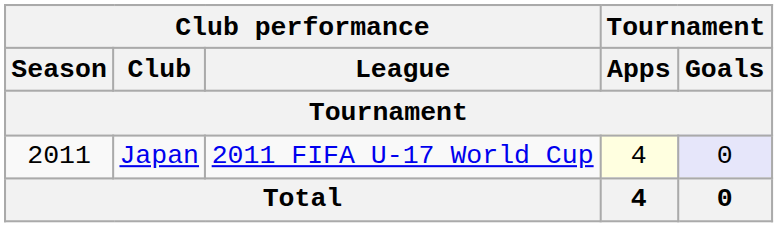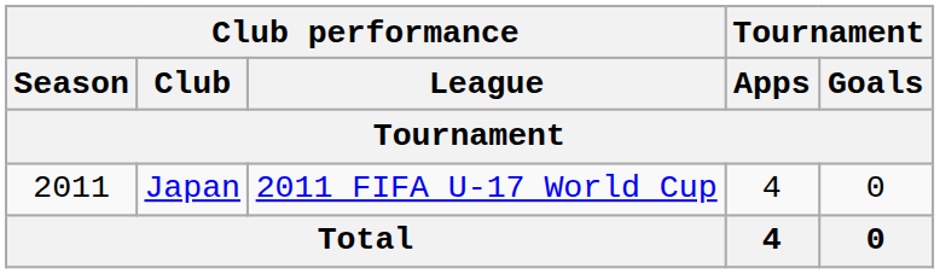 <table class="wikitable" style="text-align:center;">
 <tr>
 <th colspan=3>Club performance</th>
 <th colspan=2>Tournament</th>
 </tr>
 <tr>
 <th>Season</th>
 <th>Club</th>
 <th>League</th>
 <th>Apps</th>
 <th>Goals</th>
 </tr>
 <tr>
 <th colspan=6>Tournament</th>
 </tr>
 <tr>
 <td>2011</td>
 <td><a href='#'>Japan</a></td>
 <td><a href='#'>2011 FIFA U-17 World Cup</a></td>
-<td style="background: lightyellow;">4</td>
-<td style="background: lavender;">0</td>
+<td>4</td>
+<td>0</td>
 </tr>
 <tr>
 <th colspan=3>Total</th>
 <th>4</th>
 <th>0</th>
 </tr>
 </table>
